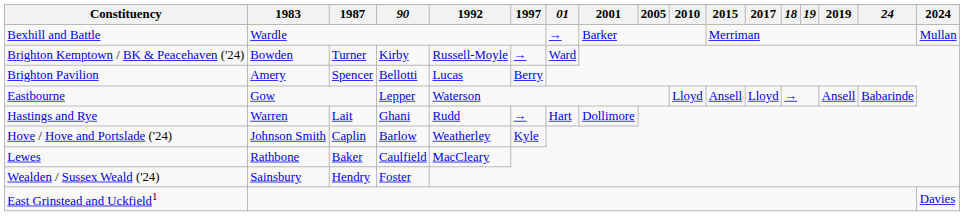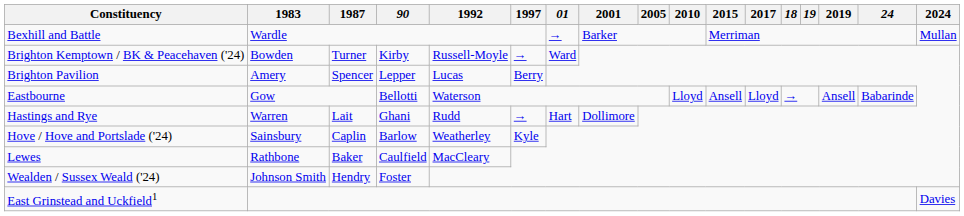 <table class="wikitable">
 <tr>
 <th>Constituency</th>
 <th>1983</th>
 <th>1987</th>
 <th><em>90</em></th>
 <th>1992</th>
 <th>1997</th>
 <th><em>01</em></th>
 <th>2001</th>
 <th>2005</th>
 <th>2010</th>
 <th>2015</th>
 <th>2017</th>
 <th><em>18</em></th>
 <th><em>19</em></th>
 <th>2019</th>
 <th><em>24</em></th>
 <th>2024</th>
 </tr>
 <tr>
 <td><a href='#'>Bexhill and Battle</a></td>
 <td colspan="5"><a href='#'>Wardle</a></td>
 <td><a href='#'>→</a></td>
 <td colspan="3"><a href='#'>Barker</a></td>
 <td colspan="6"><a href='#'>Merriman</a></td>
 <td><a href='#'>Mullan</a></td>
 </tr>
 <tr>
 <td><a href='#'>Brighton Kemptown</a> / <a href='#'>BK & Peacehaven</a> ('24)</td>
 <td><a href='#'>Bowden</a></td>
 <td><a href='#'>Turner</a></td>
 <td><a href='#'>Kirby</a></td>
 <td><a href='#'>Russell-Moyle</a></td>
 <td><a href='#'>→</a></td>
 <td><a href='#'>Ward</a></td>
 </tr>
 <tr>
 <td><a href='#'>Brighton Pavilion</a></td>
 <td><a href='#'>Amery</a></td>
 <td><a href='#'>Spencer</a></td>
-<td><a href='#'>Bellotti</a></td>
+<td><a href='#'>Lepper</a></td>
 <td><a href='#'>Lucas</a></td>
 <td><a href='#'>Berry</a></td>
 </tr>
 <tr>
 <td><a href='#'>Eastbourne</a></td>
 <td colspan="2"><a href='#'>Gow</a></td>
-<td><a href='#'>Lepper</a></td>
+<td><a href='#'>Bellotti</a></td>
 <td colspan="5"><a href='#'>Waterson</a></td>
 <td><a href='#'>Lloyd</a></td>
 <td><a href='#'>Ansell</a></td>
 <td><a href='#'>Lloyd</a></td>
 <td colspan="2"><a href='#'>→</a></td>
 <td><a href='#'>Ansell</a></td>
 <td><a href='#'>Babarinde</a></td>
 </tr>
 <tr>
 <td><a href='#'>Hastings and Rye</a></td>
 <td><a href='#'>Warren</a></td>
 <td><a href='#'>Lait</a></td>
 <td><a href='#'>Ghani</a></td>
 <td><a href='#'>Rudd</a></td>
 <td><a href='#'>→</a></td>
 <td><a href='#'>Hart</a></td>
 <td><a href='#'>Dollimore</a></td>
 </tr>
 <tr>
 <td><a href='#'>Hove</a> / <a href='#'>Hove and Portslade</a> ('24)</td>
-<td><a href='#'>Johnson Smith</a></td>
+<td><a href='#'>Sainsbury</a></td>
 <td><a href='#'>Caplin</a></td>
 <td><a href='#'>Barlow</a></td>
 <td><a href='#'>Weatherley</a></td>
 <td><a href='#'>Kyle</a></td>
 </tr>
 <tr>
 <td><a href='#'>Lewes</a></td>
 <td><a href='#'>Rathbone</a></td>
 <td><a href='#'>Baker</a></td>
 <td><a href='#'>Caulfield</a></td>
 <td><a href='#'>MacCleary</a></td>
 </tr>
 <tr>
 <td><a href='#'>Wealden</a> / <a href='#'>Sussex Weald</a> ('24)</td>
-<td><a href='#'>Sainsbury</a></td>
+<td><a href='#'>Johnson Smith</a></td>
 <td><a href='#'>Hendry</a></td>
 <td><a href='#'>Foster</a></td>
 </tr>
 <tr>
 <td><a href='#'>East Grinstead and Uckfield</a><sup>1</sup></td>
 <td colspan="15"></td>
 <td><a href='#'>Davies</a></td>
 </tr>
 </table>
